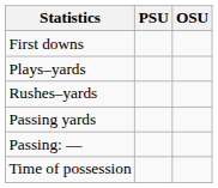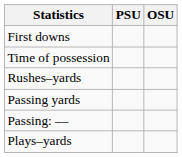 <table class="wikitable" style="float:left">
 <tr>
 <th>Statistics</th>
 <th>PSU</th>
 <th>OSU</th>
 </tr>
 <tr>
 <td>First downs</td>
 <td></td>
 <td></td>
 </tr>
 <tr>
-<td>Plays–yards</td>
+<td>Time of possession</td>
 <td></td>
 <td></td>
 </tr>
 <tr>
 <td>Rushes–yards</td>
 <td></td>
 <td></td>
 </tr>
 <tr>
 <td>Passing yards</td>
 <td></td>
 <td></td>
 </tr>
 <tr>
 <td>Passing: ––</td>
 <td></td>
 <td></td>
 </tr>
 <tr>
-<td>Time of possession</td>
+<td>Plays–yards</td>
 <td></td>
 <td></td>
 </tr>
 </table>
